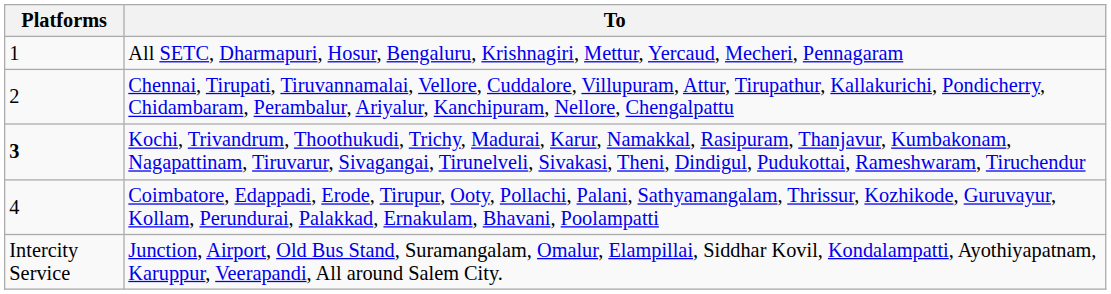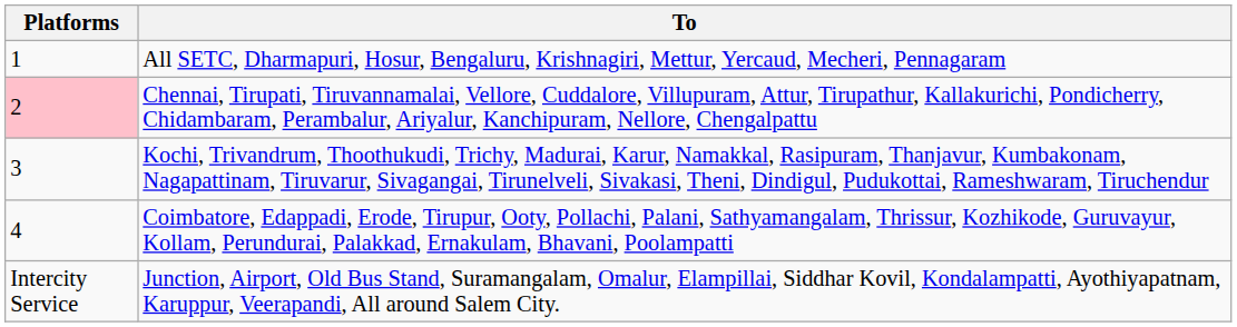 <table class="wikitable">
 <tr>
 <th>Platforms</th>
 <th>To</th>
 </tr>
 <tr>
 <td>1</td>
 <td>All <a href='#'>SETC</a>, <a href='#'>Dharmapuri</a>, <a href='#'>Hosur</a>, <a href='#'>Bengaluru</a>, <a href='#'>Krishnagiri</a>, <a href='#'>Mettur</a>, <a href='#'>Yercaud</a>, <a href='#'>Mecheri</a>, <a href='#'>Pennagaram</a></td>
 </tr>
 <tr>
-<td>2</td>
+<td style="background: pink;">2</td>
 <td><a href='#'>Chennai</a>, <a href='#'>Tirupati</a>, <a href='#'>Tiruvannamalai</a>, <a href='#'>Vellore</a>, <a href='#'>Cuddalore</a>, <a href='#'>Villupuram</a>, <a href='#'>Attur</a>, <a href='#'>Tirupathur</a>, <a href='#'>Kallakurichi</a>, <a href='#'>Pondicherry</a>, <a href='#'>Chidambaram</a>, <a href='#'>Perambalur</a>, <a href='#'>Ariyalur</a>, <a href='#'>Kanchipuram</a>, <a href='#'>Nellore</a>, <a href='#'>Chengalpattu</a></td>
 </tr>
 <tr>
-<td><strong>3</strong></td>
+<td>3</td>
 <td><a href='#'>Kochi</a>, <a href='#'>Trivandrum</a>, <a href='#'>Thoothukudi</a>, <a href='#'>Trichy</a>, <a href='#'>Madurai</a>, <a href='#'>Karur</a>, <a href='#'>Namakkal</a>, <a href='#'>Rasipuram</a>, <a href='#'>Thanjavur</a>, <a href='#'>Kumbakonam</a>, <a href='#'>Nagapattinam</a>, <a href='#'>Tiruvarur</a>, <a href='#'>Sivagangai</a>, <a href='#'>Tirunelveli</a>, <a href='#'>Sivakasi</a>, <a href='#'>Theni</a>, <a href='#'>Dindigul</a>, <a href='#'>Pudukottai</a>, <a href='#'>Rameshwaram</a>, <a href='#'>Tiruchendur</a></td>
 </tr>
 <tr>
 <td>4</td>
 <td><a href='#'>Coimbatore</a>, <a href='#'>Edappadi</a>, <a href='#'>Erode</a>, <a href='#'>Tirupur</a>, <a href='#'>Ooty</a>, <a href='#'>Pollachi</a>, <a href='#'>Palani</a>, <a href='#'>Sathyamangalam</a>, <a href='#'>Thrissur</a>, <a href='#'>Kozhikode</a>, <a href='#'>Guruvayur</a>, <a href='#'>Kollam</a>, <a href='#'>Perundurai</a>, <a href='#'>Palakkad</a>, <a href='#'>Ernakulam</a>, <a href='#'>Bhavani</a>, <a href='#'>Poolampatti</a></td>
 </tr>
 <tr>
 <td>Intercity Service</td>
 <td><a href='#'>Junction</a>, <a href='#'>Airport</a>, <a href='#'>Old Bus Stand</a>, Suramangalam, <a href='#'>Omalur</a>, <a href='#'>Elampillai</a>, Siddhar Kovil, <a href='#'>Kondalampatti</a>, Ayothiyapatnam, <a href='#'>Karuppur</a>, <a href='#'>Veerapandi</a>, All around Salem City.</td>
 </tr>
 </table>
